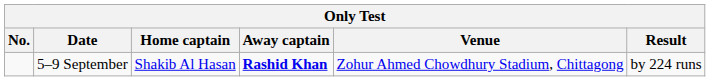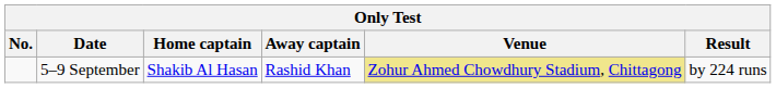 <table class="wikitable">
 <tr>
 <th colspan="9">Only Test</th>
 </tr>
 <tr>
 <th>No.</th>
 <th>Date</th>
 <th>Home captain</th>
 <th>Away captain</th>
 <th>Venue</th>
 <th>Result</th>
 </tr>
 <tr>
 <td></td>
 <td>5–9 September</td>
 <td><a href='#'>Shakib Al Hasan</a></td>
-<td><strong><a href='#'>Rashid Khan</a></strong></td>
-<td><a href='#'>Zohur Ahmed Chowdhury Stadium</a>, <a href='#'>Chittagong</a></td>
+<td><a href='#'>Rashid Khan</a></td>
+<td style="background: khaki;"><a href='#'>Zohur Ahmed Chowdhury Stadium</a>, <a href='#'>Chittagong</a></td>
 <td> by 224 runs</td>
 </tr>
 </table>
